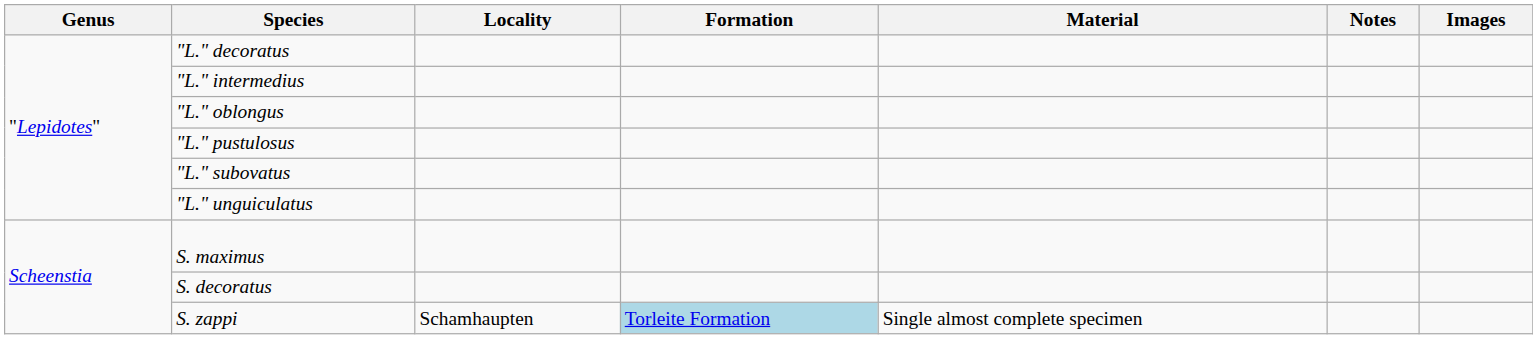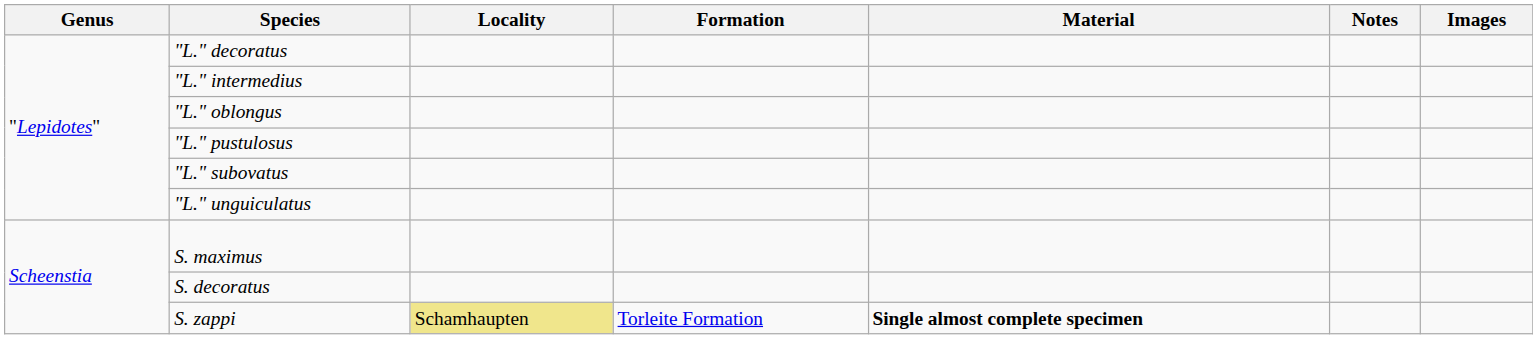 <table class="wikitable" align="center" width="100%">
 <tr>
 <th>Genus</th>
 <th>Species</th>
 <th>Locality</th>
 <th>Formation</th>
 <th>Material</th>
 <th>Notes</th>
 <th>Images</th>
 </tr>
 <tr>
 <td rowspan="6">"<em><a href='#'>Lepidotes</a></em>"</td>
 <td><em>"L." decoratus</em></td>
 <td></td>
 <td></td>
 <td></td>
 <td></td>
 <td></td>
 </tr>
 <tr>
 <td><em>"L." intermedius</em></td>
 <td></td>
 <td></td>
 <td></td>
 <td></td>
 <td></td>
 </tr>
 <tr>
 <td><em>"L." oblongus</em></td>
 <td></td>
 <td></td>
 <td></td>
 <td></td>
 <td></td>
 </tr>
 <tr>
 <td><em>"L." pustulosus</em></td>
 <td></td>
 <td></td>
 <td></td>
 <td></td>
 <td></td>
 </tr>
 <tr>
 <td><em>"L." subovatus</em></td>
 <td></td>
 <td></td>
 <td></td>
 <td></td>
 <td></td>
 </tr>
 <tr>
 <td><em>"L." unguiculatus</em></td>
 <td></td>
 <td></td>
 <td></td>
 <td></td>
 <td></td>
 </tr>
 <tr>
 <td rowspan="3"><em><a href='#'>Scheenstia</a></em></td>
 <td><br><em>S. maximus</em></td>
 <td></td>
 <td></td>
 <td></td>
 <td></td>
 <td></td>
 </tr>
 <tr>
 <td><em>S. decoratus</em></td>
 <td></td>
 <td></td>
 <td></td>
 <td></td>
 <td></td>
 </tr>
 <tr>
 <td><em>S. zappi</em></td>
-<td>Schamhaupten</td>
-<td style="background: lightblue;"><a href='#'>Torleite Formation</a></td>
-<td>Single almost complete specimen</td>
+<td style="background: khaki;">Schamhaupten</td>
+<td><a href='#'>Torleite Formation</a></td>
+<td><strong>Single almost complete specimen</strong></td>
 <td></td>
 <td></td>
 </tr>
 </table>
